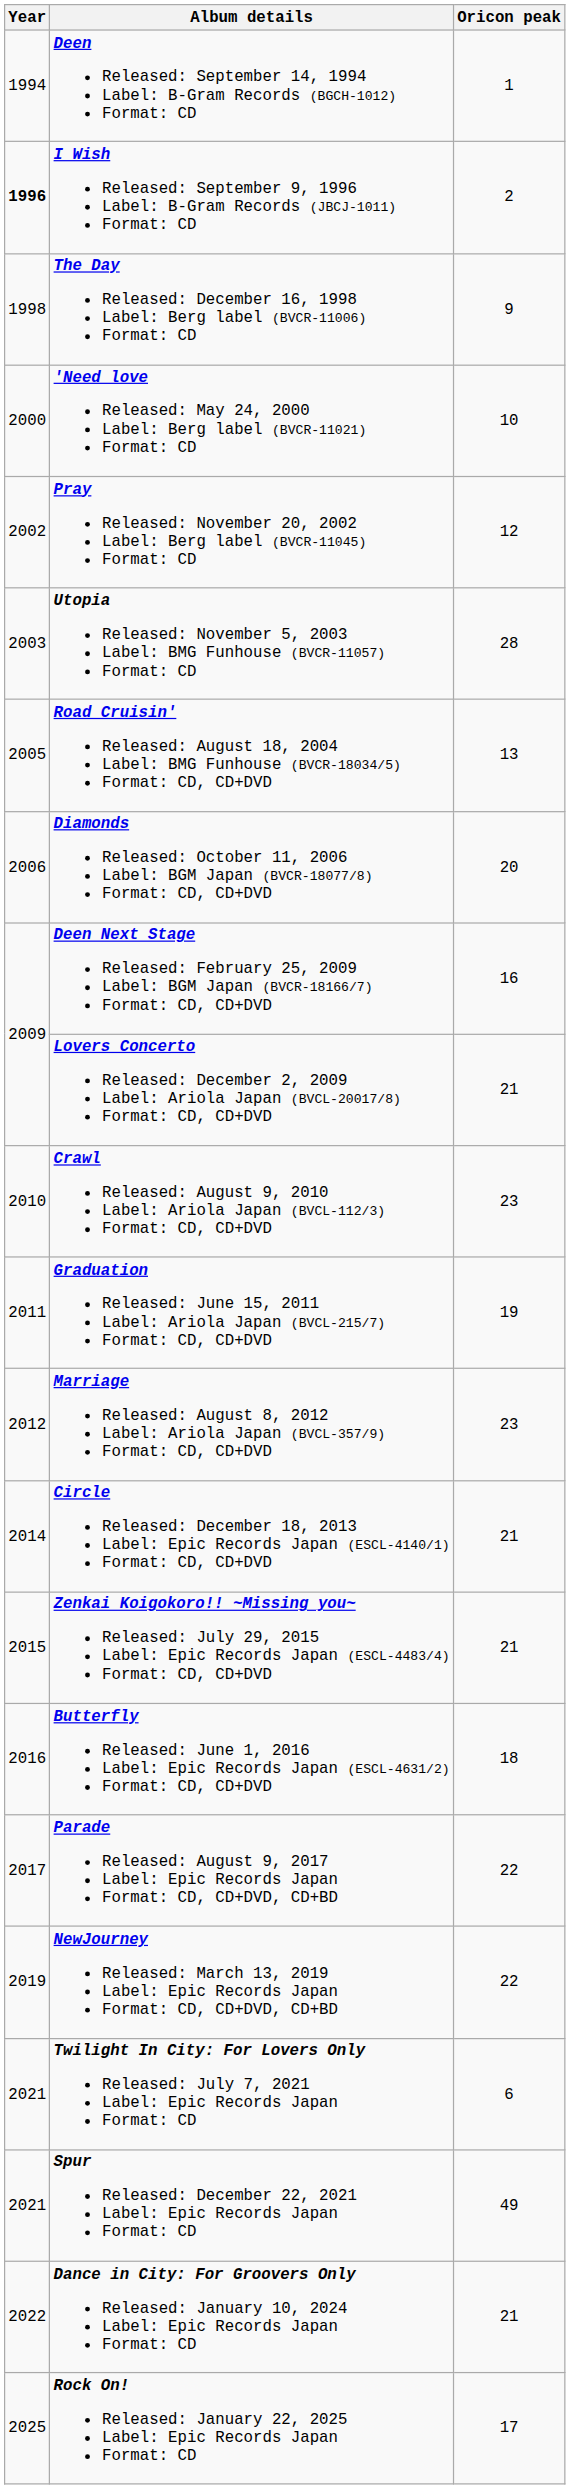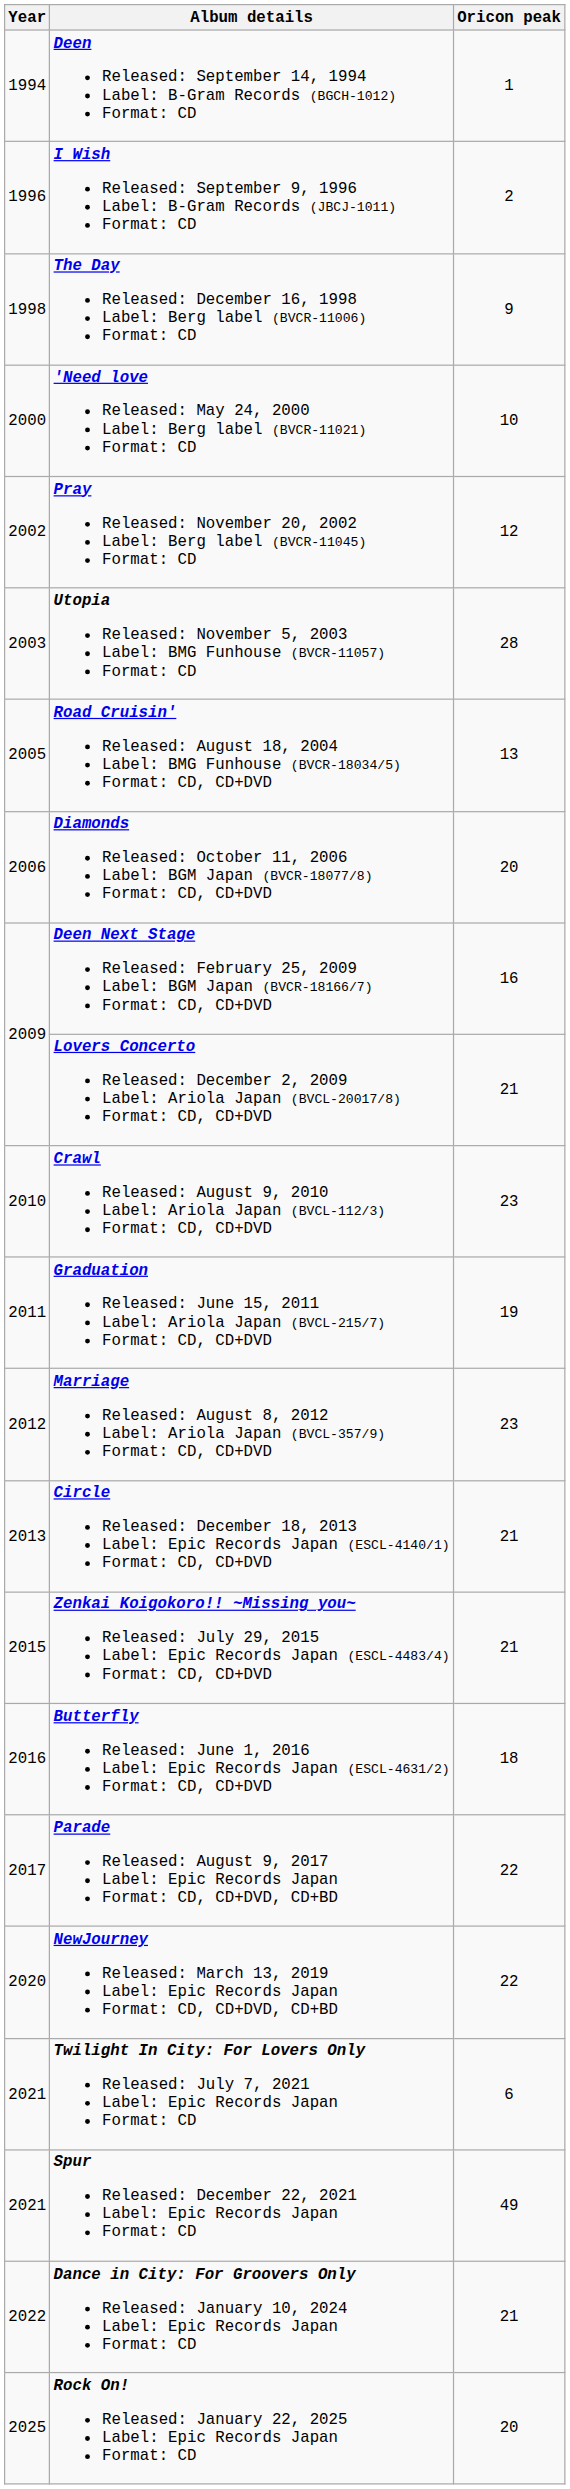 <table class="wikitable">
 <tr>
 <th>Year</th>
 <th>Album details</th>
 <th>Oricon peak</th>
 </tr>
 <tr>
 <td>1994</td>
 <td><strong><em><a href='#'>Deen</a></em></strong><br><ul><li>Released: September 14, 1994</li><li>Label: B-Gram Records <small>(BGCH-1012)</small></li><li>Format: CD</li></ul></td>
 <td align="center">1</td>
 </tr>
 <tr>
-<td><strong>1996</strong></td>
+<td>1996</td>
 <td><strong><em><a href='#'>I Wish</a></em></strong><br><ul><li>Released: September 9, 1996</li><li>Label: B-Gram Records <small>(JBCJ-1011)</small></li><li>Format: CD</li></ul></td>
 <td align="center">2</td>
 </tr>
 <tr>
 <td>1998</td>
 <td><strong><em><a href='#'>The Day</a></em></strong><br><ul><li>Released: December 16, 1998</li><li>Label: Berg label <small>(BVCR-11006)</small></li><li>Format: CD</li></ul></td>
 <td align="center">9</td>
 </tr>
 <tr>
 <td>2000</td>
 <td><strong><em><a href='#'>'Need love</a></em></strong><br><ul><li>Released: May 24, 2000</li><li>Label: Berg label <small>(BVCR-11021)</small></li><li>Format: CD</li></ul></td>
 <td align="center">10</td>
 </tr>
 <tr>
 <td>2002</td>
 <td><strong><em><a href='#'>Pray</a></em></strong><br><ul><li>Released: November 20, 2002</li><li>Label: Berg label <small>(BVCR-11045)</small></li><li>Format: CD</li></ul></td>
 <td align="center">12</td>
 </tr>
 <tr>
 <td>2003</td>
 <td><strong><em>Utopia</em></strong><br><ul><li>Released: November 5, 2003</li><li>Label: BMG Funhouse <small>(BVCR-11057)</small></li><li>Format: CD</li></ul></td>
 <td align="center">28</td>
 </tr>
 <tr>
 <td>2005</td>
 <td><strong><em><a href='#'>Road Cruisin'</a></em></strong><br><ul><li>Released: August 18, 2004</li><li>Label: BMG Funhouse <small>(BVCR-18034/5)</small></li><li>Format: CD, CD+DVD</li></ul></td>
 <td align="center">13</td>
 </tr>
 <tr>
 <td>2006</td>
 <td><strong><em><a href='#'>Diamonds</a></em></strong><br><ul><li>Released: October 11, 2006</li><li>Label: BGM Japan <small>(BVCR-18077/8)</small></li><li>Format: CD, CD+DVD</li></ul></td>
 <td align="center">20</td>
 </tr>
 <tr>
 <td rowspan="2">2009</td>
 <td><strong><em><a href='#'>Deen Next Stage</a></em></strong><br><ul><li>Released: February 25, 2009</li><li>Label: BGM Japan <small>(BVCR-18166/7)</small></li><li>Format: CD, CD+DVD</li></ul></td>
 <td align="center">16</td>
 </tr>
 <tr>
 <td><strong><em><a href='#'>Lovers Concerto</a></em></strong><br><ul><li>Released: December 2, 2009</li><li>Label: Ariola Japan <small>(BVCL-20017/8)</small></li><li>Format: CD, CD+DVD</li></ul></td>
 <td align="center">21</td>
 </tr>
 <tr>
 <td>2010</td>
 <td><strong><em><a href='#'>Crawl</a></em></strong><br><ul><li>Released: August 9, 2010</li><li>Label: Ariola Japan <small>(BVCL-112/3)</small></li><li>Format: CD, CD+DVD</li></ul></td>
 <td align="center">23</td>
 </tr>
 <tr>
 <td>2011</td>
 <td><strong><em><a href='#'>Graduation</a></em></strong><br><ul><li>Released: June 15, 2011</li><li>Label: Ariola Japan <small>(BVCL-215/7)</small></li><li>Format: CD, CD+DVD</li></ul></td>
 <td align="center">19</td>
 </tr>
 <tr>
 <td>2012</td>
 <td><strong><em><a href='#'>Marriage</a></em></strong><br><ul><li>Released: August 8, 2012</li><li>Label: Ariola Japan <small>(BVCL-357/9)</small></li><li>Format: CD, CD+DVD</li></ul></td>
 <td align="center">23</td>
 </tr>
 <tr>
-<td>2014</td>
+<td>2013</td>
 <td><strong><em><a href='#'>Circle</a></em></strong><br><ul><li>Released: December 18, 2013</li><li>Label: Epic Records Japan <small>(ESCL-4140/1)</small></li><li>Format: CD, CD+DVD</li></ul></td>
 <td align="center">21</td>
 </tr>
 <tr>
 <td>2015</td>
 <td><strong><em><a href='#'>Zenkai Koigokoro!! ~Missing you~</a></em></strong><br><ul><li>Released: July 29, 2015</li><li>Label: Epic Records Japan <small>(ESCL-4483/4)</small></li><li>Format: CD, CD+DVD</li></ul></td>
 <td align="center">21</td>
 </tr>
 <tr>
 <td>2016</td>
 <td><strong><em><a href='#'>Butterfly</a></em></strong><br><ul><li>Released: June 1, 2016</li><li>Label: Epic Records Japan <small>(ESCL-4631/2)</small></li><li>Format: CD, CD+DVD</li></ul></td>
 <td align="center">18</td>
 </tr>
 <tr>
 <td>2017</td>
 <td><strong><em><a href='#'>Parade</a></em></strong><br><ul><li>Released: August 9, 2017</li><li>Label: Epic Records Japan</li><li>Format: CD, CD+DVD, CD+BD</li></ul></td>
 <td align="center">22</td>
 </tr>
 <tr>
-<td>2019</td>
+<td>2020</td>
 <td><strong><em><a href='#'>NewJourney</a></em></strong><br><ul><li>Released: March 13, 2019</li><li>Label: Epic Records Japan</li><li>Format: CD, CD+DVD, CD+BD</li></ul></td>
 <td align="center">22</td>
 </tr>
 <tr>
 <td>2021</td>
 <td><strong><em>Twilight In City: For Lovers Only</em></strong><br><ul><li>Released: July 7, 2021</li><li>Label: Epic Records Japan</li><li>Format: CD</li></ul></td>
 <td align="center">6</td>
 </tr>
 <tr>
 <td>2021</td>
 <td><strong><em>Spur</em></strong><br><ul><li>Released: December 22, 2021</li><li>Label: Epic Records Japan</li><li>Format: CD</li></ul></td>
 <td align="center">49</td>
 </tr>
 <tr>
 <td>2022</td>
 <td><strong><em>Dance in City: For Groovers Only</em></strong><br><ul><li>Released: January 10, 2024</li><li>Label: Epic Records Japan</li><li>Format: CD</li></ul></td>
 <td align="center">21</td>
 </tr>
 <tr>
 <td>2025</td>
 <td><strong><em>Rock On!</em></strong><br><ul><li>Released: January 22, 2025</li><li>Label: Epic Records Japan</li><li>Format: CD</li></ul></td>
-<td align="center">17</td>
+<td align="center">20</td>
 </tr>
 </table>
